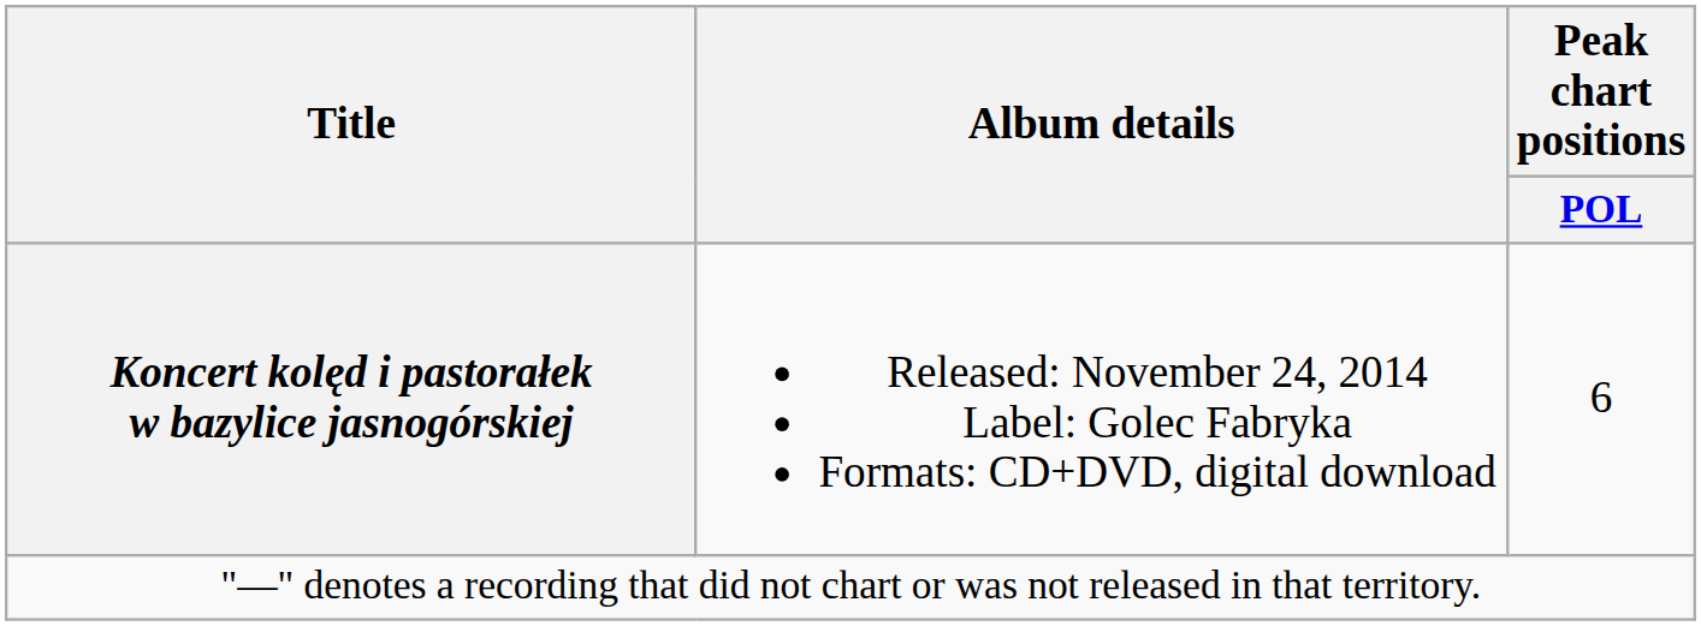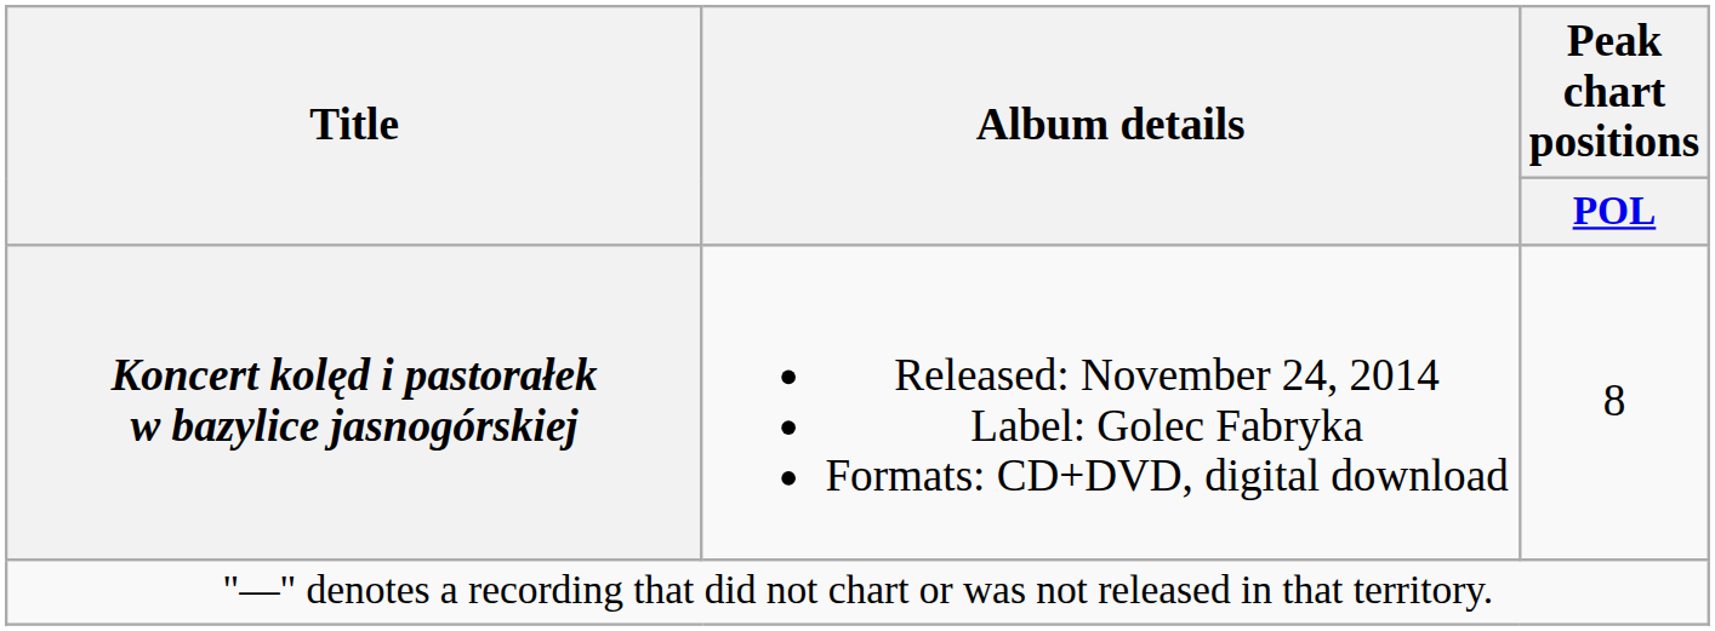 <table class="wikitable plainrowheaders" style="text-align:center;">
 <tr>
 <th scope="col" rowspan="2" style="width:15em;">Title</th>
 <th scope="col" rowspan="2">Album details</th>
 <th scope="col" colspan="1">Peak chart positions</th>
 </tr>
 <tr>
 <th scope="col" style="width:3em;font-size:90%;"><a href='#'>POL</a><br></th>
 </tr>
 <tr>
 <th scope="row"><em>Koncert kolęd i pastorałek<br>w bazylice jasnogórskiej</em></th>
 <td><br><ul><li>Released: November 24, 2014</li><li>Label: Golec Fabryka</li><li>Formats: CD+DVD, digital download</li></ul></td>
-<td>6</td>
+<td>8</td>
 </tr>
 <tr>
 <td colspan="20" style="font-size:90%">"—" denotes a recording that did not chart or was not released in that territory.</td>
 </tr>
 </table>
